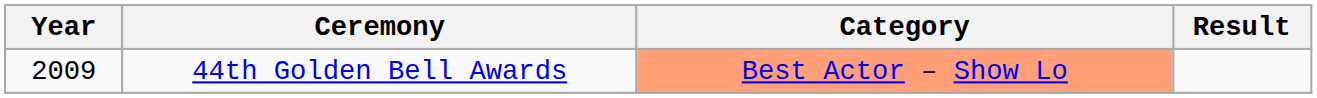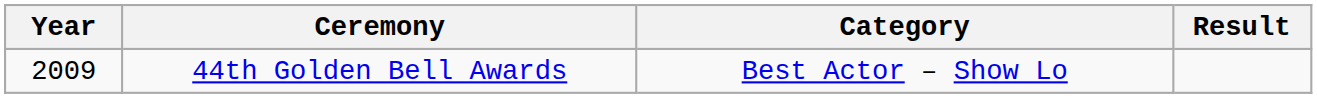 <table class="wikitable">
 <tr>
 <th style="width:50px;">Year</th>
 <th style="width:240px;">Ceremony</th>
 <th style="width:250px;">Category</th>
 <th style="width:60px;">Result</th>
 </tr>
 <tr>
 <td align="center" rowspan=8>2009</td>
 <td align="center" rowspan=8><a href='#'>44th Golden Bell Awards</a></td>
-<td align="center" style="background: lightsalmon;"><a href='#'>Best Actor</a> – <a href='#'>Show Lo</a></td>
+<td align="center"><a href='#'>Best Actor</a> – <a href='#'>Show Lo</a></td>
 <td></td>
 </tr>
 </table>
